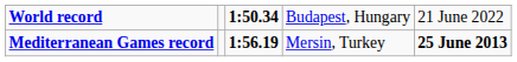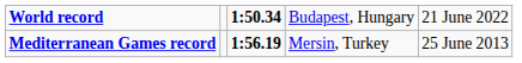 <table class="wikitable">
 <tr>
 <td><strong><a href='#'>World record</a></strong></td>
 <td></td>
 <td><strong>1:50.34</strong></td>
 <td><a href='#'>Budapest</a>, Hungary</td>
 <td>21 June 2022</td>
 </tr>
 <tr>
 <td><strong><a href='#'>Mediterranean Games record</a></strong></td>
 <td></td>
 <td><strong>1:56.19</strong></td>
 <td><a href='#'>Mersin</a>, Turkey</td>
-<td><strong>25 June 2013</strong></td>
+<td>25 June 2013</td>
 </tr>
 </table>
